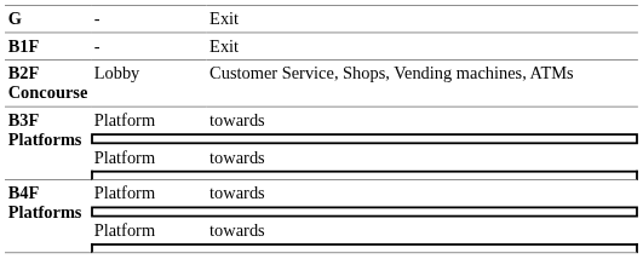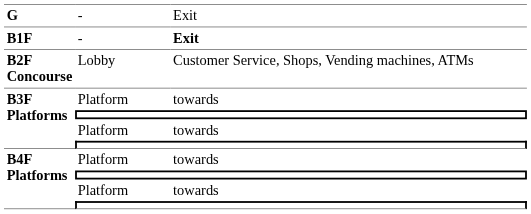 <table border=0 cellspacing=0 cellpadding=3>
 <tr>
 <td style="border-top:solid 1px gray;" width=50 valign=top><strong>G</strong></td>
 <td style="border-top:solid 1px gray;" width=100 valign=top>-</td>
 <td style="border-top:solid 1px gray;" width=390 valign=top>Exit</td>
 </tr>
 <tr>
 <td style="border-top:solid 1px gray;" width=50 valign=top><strong>B1F</strong></td>
 <td style="border-top:solid 1px gray;" width=100 valign=top>-</td>
-<td style="border-top:solid 1px gray;" width=390 valign=top>Exit</td>
+<td style="border-top:solid 1px gray;" width=390 valign=top><strong>Exit</strong></td>
 </tr>
 <tr>
 <td style="border-bottom:solid 1px gray; border-top:solid 1px gray;" valign=top width=50><strong>B2F<br>Concourse</strong></td>
 <td style="border-bottom:solid 1px gray; border-top:solid 1px gray;" valign=top width=100>Lobby</td>
 <td style="border-bottom:solid 1px gray; border-top:solid 1px gray;" valign=top width=390>Customer Service, Shops, Vending machines, ATMs</td>
 </tr>
 <tr>
 <td style="border-bottom:solid 1px gray;" rowspan=4 valign=top><strong>B3F<br>Platforms</strong></td>
 <td>Platform</td>
 <td>  towards  </td>
 </tr>
 <tr>
 <td style="border-right:solid 2px black;border-left:solid 2px black;border-top:solid 2px black;border-bottom:solid 2px black;text-align:center;" colspan=2></td>
 </tr>
 <tr>
 <td>Platform</td>
 <td>  towards  </td>
 </tr>
 <tr>
 <td style="border-right:solid 2px black;border-left:solid 2px black;border-top:solid 2px black;border-bottom:solid 1px gray;text-align:center;" colspan=2></td>
 </tr>
 <tr>
 <td style="border-bottom:solid 1px gray;" rowspan=4 valign=top><strong>B4F<br>Platforms</strong></td>
 <td>Platform</td>
 <td>  towards   </td>
 </tr>
 <tr>
 <td style="border-right:solid 2px black;border-left:solid 2px black;border-top:solid 2px black;border-bottom:solid 2px black;text-align:center;" colspan=2></td>
 </tr>
 <tr>
 <td>Platform</td>
 <td style="border-bottom:solid 0px gray;">  towards   </td>
 </tr>
 <tr>
 <td style="border-right:solid 2px black;border-left:solid 2px black;border-top:solid 2px black;border-bottom:solid 1px gray;text-align:center;" colspan=2></td>
 </tr>
 </table>
